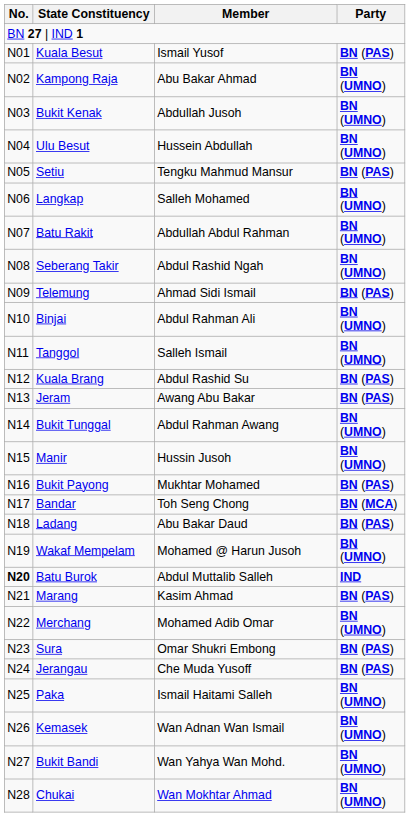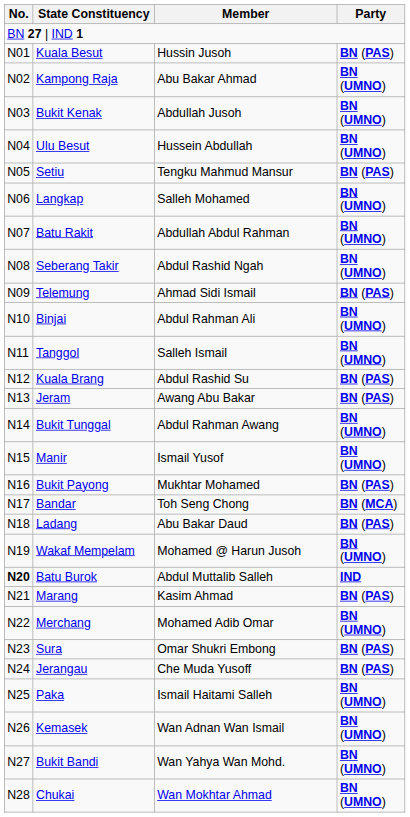 <table class="wikitable sortable">
 <tr>
 <th style="width:30px;">No.</th>
 <th style="width:150px;">State Constituency</th>
 <th style="width:230px;">Member</th>
 <th style="width:80px;">Party</th>
 </tr>
 <tr>
 <td colspan="4"><a href='#'>BN</a> <strong>27</strong> | <a href='#'>IND</a> <strong>1</strong></td>
 </tr>
 <tr>
 <td>N01</td>
 <td><a href='#'>Kuala Besut</a></td>
-<td>Ismail Yusof</td>
+<td>Hussin Jusoh</td>
 <td><strong><a href='#'>BN</a></strong> (<strong><a href='#'>PAS</a></strong>)</td>
 </tr>
 <tr>
 <td>N02</td>
 <td><a href='#'>Kampong Raja</a></td>
 <td>Abu Bakar Ahmad</td>
 <td><strong><a href='#'>BN</a></strong> (<strong><a href='#'>UMNO</a></strong>)</td>
 </tr>
 <tr>
 <td>N03</td>
 <td><a href='#'>Bukit Kenak</a></td>
 <td>Abdullah Jusoh</td>
 <td><strong><a href='#'>BN</a></strong> (<strong><a href='#'>UMNO</a></strong>)</td>
 </tr>
 <tr>
 <td>N04</td>
 <td><a href='#'>Ulu Besut</a></td>
 <td>Hussein Abdullah</td>
 <td><strong><a href='#'>BN</a></strong> (<strong><a href='#'>UMNO</a></strong>)</td>
 </tr>
 <tr>
 <td>N05</td>
 <td><a href='#'>Setiu</a></td>
 <td>Tengku Mahmud Mansur</td>
 <td><strong><a href='#'>BN</a></strong> (<strong><a href='#'>PAS</a></strong>)</td>
 </tr>
 <tr>
 <td>N06</td>
 <td><a href='#'>Langkap</a></td>
 <td>Salleh Mohamed</td>
 <td><strong><a href='#'>BN</a></strong> (<strong><a href='#'>UMNO</a></strong>)</td>
 </tr>
 <tr>
 <td>N07</td>
 <td><a href='#'>Batu Rakit</a></td>
 <td>Abdullah Abdul Rahman</td>
 <td><strong><a href='#'>BN</a></strong> (<strong><a href='#'>UMNO</a></strong>)</td>
 </tr>
 <tr>
 <td>N08</td>
 <td><a href='#'>Seberang Takir</a></td>
 <td>Abdul Rashid Ngah</td>
 <td><strong><a href='#'>BN</a></strong> (<strong><a href='#'>UMNO</a></strong>)</td>
 </tr>
 <tr>
 <td>N09</td>
 <td><a href='#'>Telemung</a></td>
 <td>Ahmad Sidi Ismail</td>
 <td><strong><a href='#'>BN</a></strong> (<strong><a href='#'>PAS</a></strong>)</td>
 </tr>
 <tr>
 <td>N10</td>
 <td><a href='#'>Binjai</a></td>
 <td>Abdul Rahman Ali</td>
 <td><strong><a href='#'>BN</a></strong> (<strong><a href='#'>UMNO</a></strong>)</td>
 </tr>
 <tr>
 <td>N11</td>
 <td><a href='#'>Tanggol</a></td>
 <td>Salleh Ismail</td>
 <td><strong><a href='#'>BN</a></strong> (<strong><a href='#'>UMNO</a></strong>)</td>
 </tr>
 <tr>
 <td>N12</td>
 <td><a href='#'>Kuala Brang</a></td>
 <td>Abdul Rashid Su</td>
 <td><strong><a href='#'>BN</a></strong> (<strong><a href='#'>PAS</a></strong>)</td>
 </tr>
 <tr>
 <td>N13</td>
 <td><a href='#'>Jeram</a></td>
 <td>Awang Abu Bakar</td>
 <td><strong><a href='#'>BN</a></strong> (<strong><a href='#'>PAS</a></strong>)</td>
 </tr>
 <tr>
 <td>N14</td>
 <td><a href='#'>Bukit Tunggal</a></td>
 <td>Abdul Rahman Awang</td>
 <td><strong><a href='#'>BN</a></strong> (<strong><a href='#'>UMNO</a></strong>)</td>
 </tr>
 <tr>
 <td>N15</td>
 <td><a href='#'>Manir</a></td>
-<td>Hussin Jusoh</td>
+<td>Ismail Yusof</td>
 <td><strong><a href='#'>BN</a></strong> (<strong><a href='#'>UMNO</a></strong>)</td>
 </tr>
 <tr>
 <td>N16</td>
 <td><a href='#'>Bukit Payong</a></td>
 <td>Mukhtar Mohamed</td>
 <td><strong><a href='#'>BN</a></strong> (<strong><a href='#'>PAS</a></strong>)</td>
 </tr>
 <tr>
 <td>N17</td>
 <td><a href='#'>Bandar</a></td>
 <td>Toh Seng Chong</td>
 <td><strong><a href='#'>BN</a></strong> (<strong><a href='#'>MCA</a></strong>)</td>
 </tr>
 <tr>
 <td>N18</td>
 <td><a href='#'>Ladang</a></td>
 <td>Abu Bakar Daud</td>
 <td><strong><a href='#'>BN</a></strong> (<strong><a href='#'>PAS</a></strong>)</td>
 </tr>
 <tr>
 <td>N19</td>
 <td><a href='#'>Wakaf Mempelam</a></td>
 <td>Mohamed @ Harun Jusoh</td>
 <td><strong><a href='#'>BN</a></strong> (<strong><a href='#'>UMNO</a></strong>)</td>
 </tr>
 <tr>
 <td><strong>N20</strong></td>
 <td><a href='#'>Batu Burok</a></td>
 <td>Abdul Muttalib Salleh</td>
 <td><strong><a href='#'>IND</a></strong></td>
 </tr>
 <tr>
 <td>N21</td>
 <td><a href='#'>Marang</a></td>
 <td>Kasim Ahmad</td>
 <td><strong><a href='#'>BN</a></strong> (<strong><a href='#'>PAS</a></strong>)</td>
 </tr>
 <tr>
 <td>N22</td>
 <td><a href='#'>Merchang</a></td>
 <td>Mohamed Adib Omar</td>
 <td><strong><a href='#'>BN</a></strong> (<strong><a href='#'>UMNO</a></strong>)</td>
 </tr>
 <tr>
 <td>N23</td>
 <td><a href='#'>Sura</a></td>
 <td>Omar Shukri Embong</td>
 <td><strong><a href='#'>BN</a></strong> (<strong><a href='#'>PAS</a></strong>)</td>
 </tr>
 <tr>
 <td>N24</td>
 <td><a href='#'>Jerangau</a></td>
 <td>Che Muda Yusoff</td>
 <td><strong><a href='#'>BN</a></strong> (<strong><a href='#'>PAS</a></strong>)</td>
 </tr>
 <tr>
 <td>N25</td>
 <td><a href='#'>Paka</a></td>
 <td>Ismail Haitami Salleh</td>
 <td><strong><a href='#'>BN</a></strong> (<strong><a href='#'>UMNO</a></strong>)</td>
 </tr>
 <tr>
 <td>N26</td>
 <td><a href='#'>Kemasek</a></td>
 <td>Wan Adnan Wan Ismail</td>
 <td><strong><a href='#'>BN</a></strong> (<strong><a href='#'>UMNO</a></strong>)</td>
 </tr>
 <tr>
 <td>N27</td>
 <td><a href='#'>Bukit Bandi</a></td>
 <td>Wan Yahya Wan Mohd.</td>
 <td><strong><a href='#'>BN</a></strong> (<strong><a href='#'>UMNO</a></strong>)</td>
 </tr>
 <tr>
 <td>N28</td>
 <td><a href='#'>Chukai</a></td>
 <td><a href='#'>Wan Mokhtar Ahmad</a></td>
 <td><strong><a href='#'>BN</a></strong> (<strong><a href='#'>UMNO</a></strong>)</td>
 </tr>
 </table>
